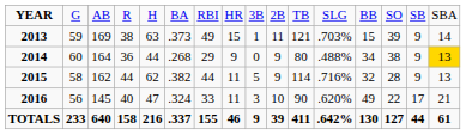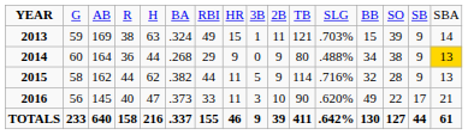 <table class="sortable wikitable">
 <tr align=center>
 <td><strong>YEAR</strong></td>
 <td><a href='#'>G</a></td>
 <td><a href='#'>AB</a></td>
 <td><a href='#'>R</a></td>
 <td><a href='#'>H</a></td>
 <td><a href='#'>BA</a></td>
 <td><a href='#'>RBI</a></td>
 <td><a href='#'>HR</a></td>
 <td><a href='#'>3B</a></td>
 <td><a href='#'>2B</a></td>
 <td><a href='#'>TB</a></td>
 <td><a href='#'>SLG</a></td>
 <td><a href='#'>BB</a></td>
 <td><a href='#'>SO</a></td>
 <td><a href='#'>SB</a></td>
 <td>SBA</td>
 </tr>
 <tr align=center>
 <td><strong>2013</strong></td>
 <td>59</td>
 <td>169</td>
 <td>38</td>
 <td>63</td>
-<td>.373</td>
+<td>.324</td>
 <td>49</td>
 <td>15</td>
 <td>1</td>
 <td>11</td>
 <td>121</td>
 <td>.703%</td>
 <td>15</td>
 <td>39</td>
 <td>9</td>
 <td>14</td>
 </tr>
 <tr align=center>
 <td><strong>2014</strong></td>
 <td>60</td>
 <td>164</td>
 <td>36</td>
 <td>44</td>
 <td>.268</td>
 <td>29</td>
 <td>9</td>
 <td>0</td>
 <td>9</td>
 <td>80</td>
 <td>.488%</td>
 <td>34</td>
 <td>38</td>
 <td>9</td>
 <td style="background: gold;">13</td>
 </tr>
 <tr align=center>
 <td><strong>2015</strong></td>
 <td>58</td>
 <td>162</td>
 <td>44</td>
 <td>62</td>
 <td>.382</td>
 <td>44</td>
 <td>11</td>
 <td>5</td>
 <td>9</td>
 <td>114</td>
 <td>.716%</td>
 <td>32</td>
 <td>28</td>
 <td>9</td>
 <td>13</td>
 </tr>
 <tr align=center>
 <td><strong>2016</strong></td>
 <td>56</td>
 <td>145</td>
 <td>40</td>
 <td>47</td>
-<td>.324</td>
+<td>.373</td>
 <td>33</td>
 <td>11</td>
 <td>3</td>
 <td>10</td>
 <td>90</td>
 <td>.620%</td>
 <td>49</td>
 <td>22</td>
 <td>17</td>
 <td>21</td>
 </tr>
 <tr align=center>
 <td><strong>TOTALS</strong></td>
 <td><strong>233</strong></td>
 <td><strong>640</strong></td>
 <td><strong>158</strong></td>
 <td><strong>216</strong></td>
 <td><strong>.337</strong></td>
 <td><strong>155</strong></td>
 <td><strong>46</strong></td>
 <td><strong>9</strong></td>
 <td><strong>39</strong></td>
 <td><strong>411</strong></td>
 <td><strong>.642%</strong></td>
 <td><strong>130</strong></td>
 <td><strong>127</strong></td>
 <td><strong>44</strong></td>
 <td><strong>61</strong></td>
 </tr>
 </table>
